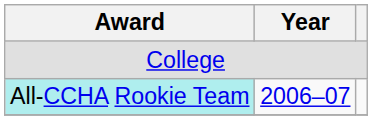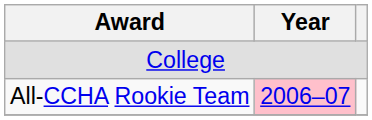 <table class="wikitable">
 <tr>
 <th>Award</th>
 <th>Year</th>
 <th></th>
 </tr>
 <tr ALIGN="center" bgcolor="#e0e0e0">
 <td colspan="3"><a href='#'>College</a></td>
 </tr>
 <tr>
-<td style="background: paleturquoise;">All-<a href='#'>CCHA</a> <a href='#'>Rookie Team</a></td>
-<td><a href='#'>2006–07</a></td>
+<td>All-<a href='#'>CCHA</a> <a href='#'>Rookie Team</a></td>
+<td style="background: pink;"><a href='#'>2006–07</a></td>
 <td></td>
 </tr>
 <tr>
 </tr>
 </table>
